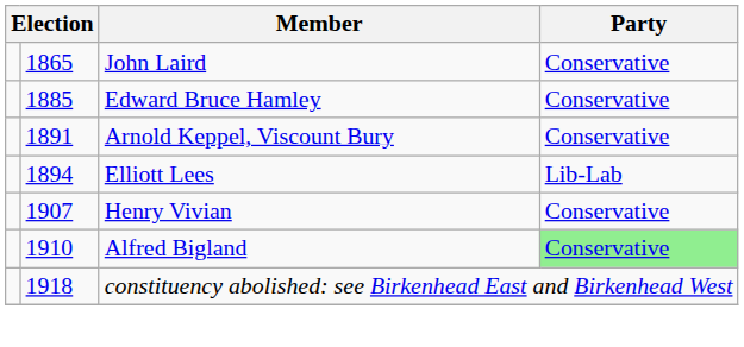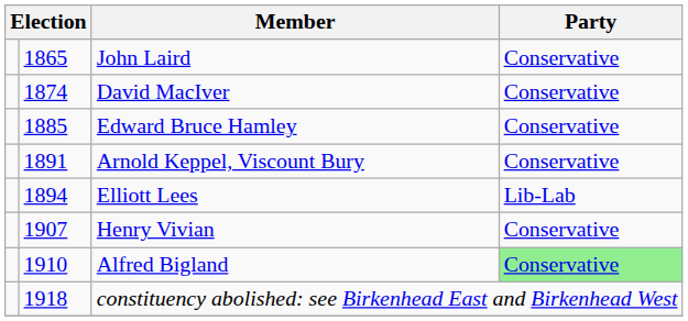 <table class="wikitable">
 <tr>
 <th colspan="2">Election</th>
 <th>Member</th>
 <th>Party</th>
 </tr>
 <tr>
 <td style="color:inherit;background-color: "></td>
 <td><a href='#'>1865</a></td>
 <td><a href='#'>John Laird</a></td>
+<td><a href='#'>Conservative</a></td>
+</tr>
+<tr>
+<td style="color:inherit;background-color: "></td>
+<td><a href='#'>1874</a></td>
+<td><a href='#'>David MacIver</a></td>
 <td><a href='#'>Conservative</a></td>
 </tr>
 <tr>
 <td style="color:inherit;background-color: "></td>
 <td><a href='#'>1885</a></td>
 <td><a href='#'>Edward Bruce Hamley</a></td>
 <td><a href='#'>Conservative</a></td>
 </tr>
 <tr>
 <td style="color:inherit;background-color: "></td>
 <td><a href='#'>1891</a></td>
 <td><a href='#'>Arnold Keppel, Viscount Bury</a></td>
 <td><a href='#'>Conservative</a></td>
 </tr>
 <tr>
 <td style="color:inherit;background-color: "></td>
 <td><a href='#'>1894</a></td>
 <td><a href='#'>Elliott Lees</a></td>
 <td><a href='#'>Lib-Lab</a></td>
 </tr>
 <tr>
 <td style="color:inherit;background-color: "></td>
 <td><a href='#'>1907</a></td>
 <td><a href='#'>Henry Vivian</a></td>
 <td><a href='#'>Conservative</a></td>
 </tr>
 <tr>
 <td style="color:inherit;background-color: "></td>
 <td><a href='#'>1910</a></td>
 <td><a href='#'>Alfred Bigland</a></td>
 <td style="background: lightgreen;"><a href='#'>Conservative</a></td>
 </tr>
 <tr>
 <td></td>
 <td><a href='#'>1918</a></td>
 <td colspan="2"><em>constituency abolished: see <a href='#'>Birkenhead East</a> and <a href='#'>Birkenhead West</a></em></td>
 </tr>
 <tr>
 </tr>
 </table>
